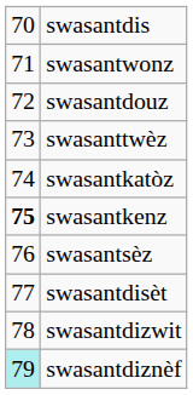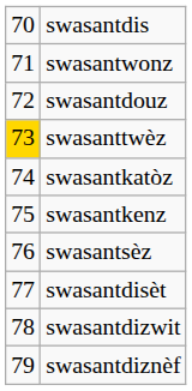 <table class="wikitable" style="float:left; margin-right:0.5em">
 <tr>
 <td>70</td>
 <td>swasantdis</td>
 </tr>
 <tr>
 <td>71</td>
 <td>swasantwonz</td>
 </tr>
 <tr>
 <td>72</td>
 <td>swasantdouz</td>
 </tr>
 <tr>
-<td>73</td>
+<td style="background: gold;">73</td>
 <td>swasanttwèz</td>
 </tr>
 <tr>
 <td>74</td>
 <td>swasantkatòz</td>
 </tr>
 <tr>
-<td><strong>75</strong></td>
+<td>75</td>
 <td>swasantkenz</td>
 </tr>
 <tr>
 <td>76</td>
 <td>swasantsèz</td>
 </tr>
 <tr>
 <td>77</td>
 <td>swasantdisèt</td>
 </tr>
 <tr>
 <td>78</td>
 <td>swasantdizwit</td>
 </tr>
 <tr>
-<td style="background: paleturquoise;">79</td>
+<td>79</td>
 <td>swasantdiznèf</td>
 </tr>
 </table>
